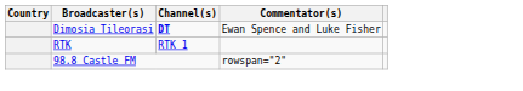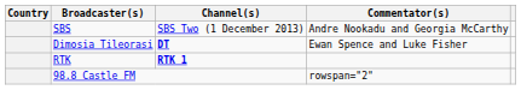 <table class="wikitable plainrowheaders">
 <tr>
 <th scope="col">Country</th>
 <th scope="col">Broadcaster(s)</th>
 <th>Channel(s)</th>
 <th scope="col">Commentator(s)</th>
 <th scope="col"></th>
+</tr>
+<tr>
+<th scope="row"></th>
+<td><a href='#'>SBS</a></td>
+<td><a href='#'>SBS Two</a> (1 December 2013)</td>
+<td>Andre Nookadu and Georgia McCarthy</td>
+<td></td>
 </tr>
 <tr>
 <th scope="row"></th>
 <td><a href='#'>Dimosia Tileorasi</a></td>
 <td><strong><a href='#'>DT</a></strong></td>
 <td>Ewan Spence and Luke Fisher</td>
 <td></td>
 </tr>
 <tr>
 <th scope="row"></th>
 <td><a href='#'>RTK</a></td>
-<td><a href='#'>RTK 1</a></td>
+<td><strong><a href='#'>RTK 1</a></strong></td>
 <td></td>
 </tr>
 <tr>
 <th scope="row"></th>
 <td colspan="2"><a href='#'>98.8 Castle FM</a></td>
 <td>rowspan="2" </td>
 <td></td>
 </tr>
 </table>
